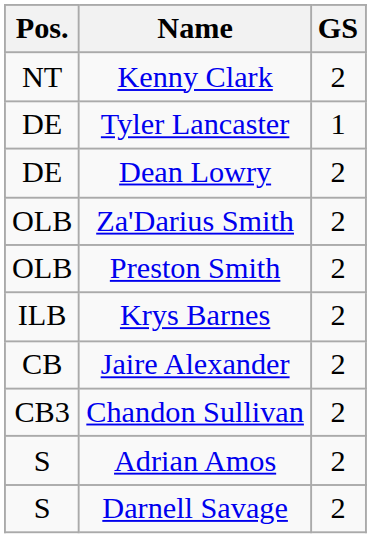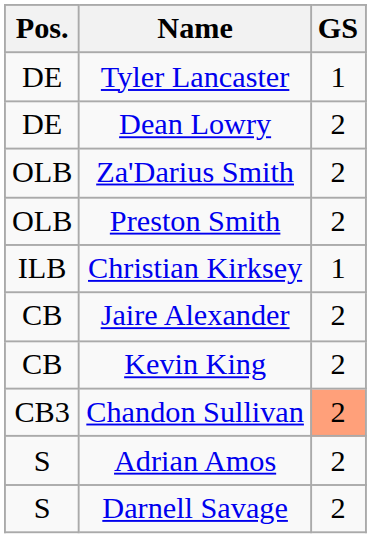 <table class="wikitable" style="text-align:center">
 <tr>
 <th>Pos.</th>
 <th>Name</th>
 <th>GS</th>
-</tr>
-<tr>
-<td>NT</td>
-<td><a href='#'>Kenny Clark</a></td>
-<td>2</td>
 </tr>
 <tr>
 <td>DE</td>
 <td><a href='#'>Tyler Lancaster</a></td>
 <td>1</td>
 </tr>
 <tr>
 <td>DE</td>
 <td><a href='#'>Dean Lowry</a></td>
 <td>2</td>
 </tr>
 <tr>
 <td>OLB</td>
 <td><a href='#'>Za'Darius Smith</a></td>
 <td>2</td>
 </tr>
 <tr>
 <td>OLB</td>
 <td><a href='#'>Preston Smith</a></td>
 <td>2</td>
 </tr>
 <tr>
 <td>ILB</td>
-<td><a href='#'>Krys Barnes</a></td>
-<td>2</td>
+<td><a href='#'>Christian Kirksey</a></td>
+<td>1</td>
 </tr>
 <tr>
 <td>CB</td>
 <td><a href='#'>Jaire Alexander</a></td>
 <td>2</td>
 </tr>
 <tr>
+<td>CB</td>
+<td><a href='#'>Kevin King</a></td>
+<td>2</td>
+</tr>
+<tr>
 <td>CB3</td>
 <td><a href='#'>Chandon Sullivan</a></td>
-<td>2</td>
+<td style="background: lightsalmon;">2</td>
 </tr>
 <tr>
 <td>S</td>
 <td><a href='#'>Adrian Amos</a></td>
 <td>2</td>
 </tr>
 <tr>
 <td>S</td>
 <td><a href='#'>Darnell Savage</a></td>
 <td>2</td>
 </tr>
 </table>
